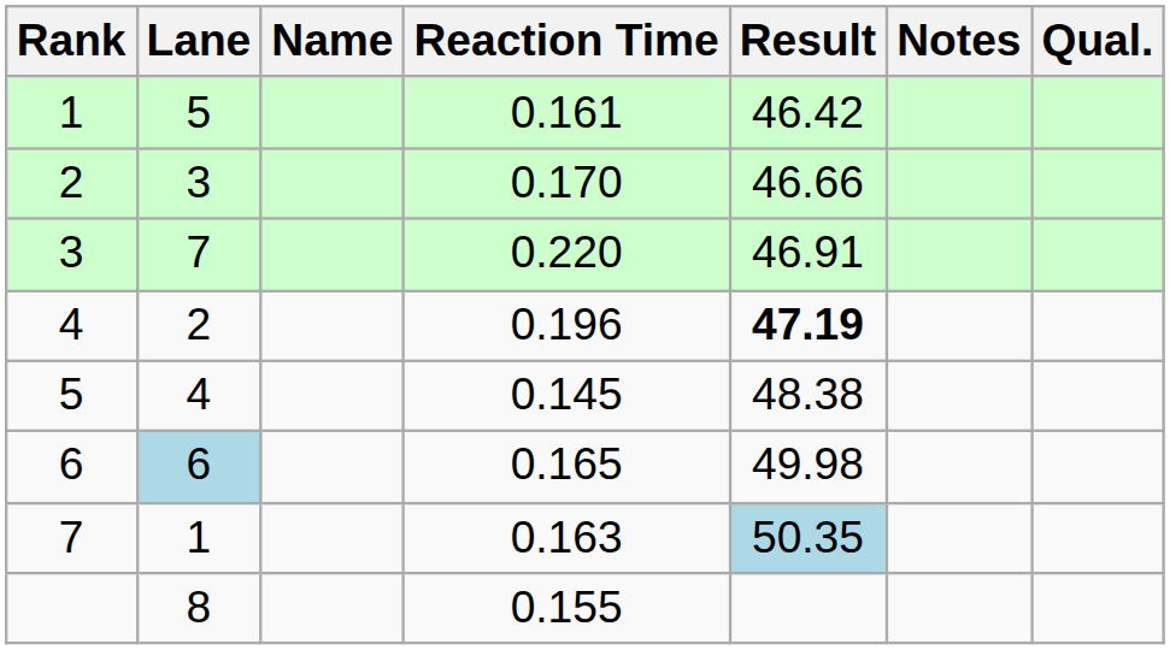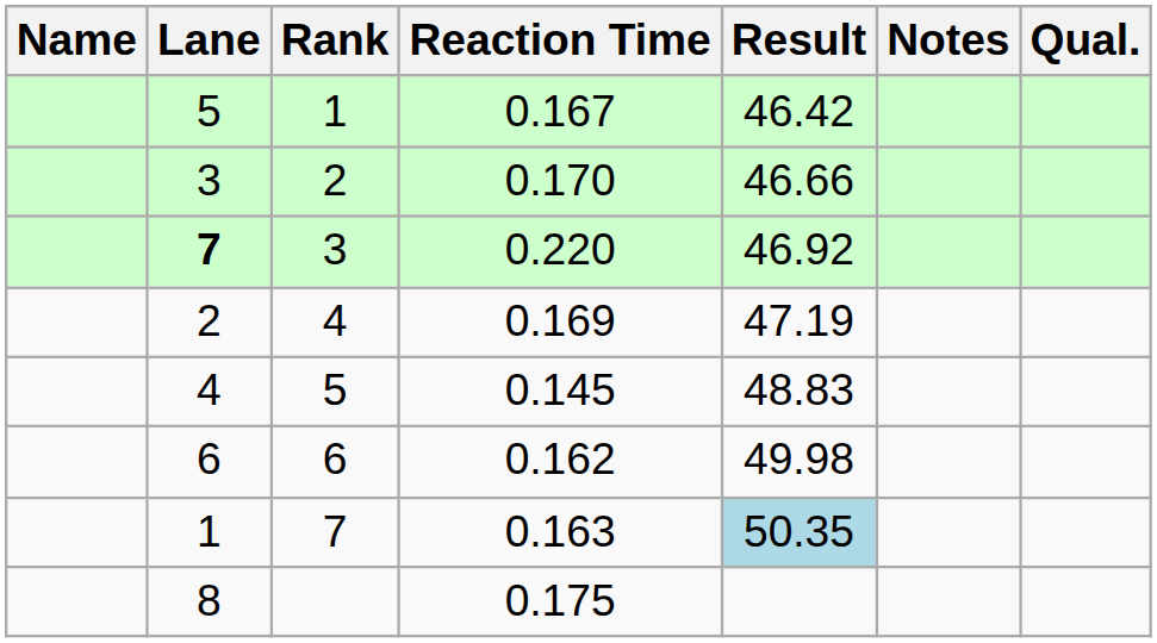 <table class="wikitable sortable" style="text-align:center">
 <tr>
+<th>Name</th>
+<th>Lane</th>
 <th>Rank</th>
-<th>Lane</th>
-<th>Name</th>
 <th>Reaction Time</th>
 <th>Result</th>
 <th>Notes</th>
 <th>Qual.</th>
 </tr>
 <tr bgcolor=ccffcc>
+<td align="left"></td>
+<td>5</td>
 <td>1</td>
-<td>5</td>
-<td align="left"></td>
-<td>0.161</td>
+<td>0.167</td>
 <td>46.42</td>
 <td></td>
 <td></td>
 </tr>
 <tr bgcolor=ccffcc>
+<td align="left"></td>
+<td>3</td>
 <td>2</td>
-<td>3</td>
-<td align="left"></td>
 <td>0.170</td>
 <td>46.66</td>
 <td></td>
 <td></td>
 </tr>
 <tr bgcolor=ccffcc>
+<td align="left"></td>
+<td><strong>7</strong></td>
 <td>3</td>
-<td>7</td>
-<td align="left"></td>
 <td>0.220</td>
-<td>46.91</td>
+<td>46.92</td>
 <td></td>
 <td></td>
 </tr>
 <tr>
+<td align="left"></td>
+<td>2</td>
 <td>4</td>
-<td>2</td>
-<td align="left"></td>
-<td>0.196</td>
-<td><strong>47.19</strong></td>
+<td>0.169</td>
+<td>47.19</td>
 <td></td>
 <td></td>
 </tr>
 <tr>
+<td align="left"></td>
+<td>4</td>
 <td>5</td>
-<td>4</td>
-<td align="left"></td>
 <td>0.145</td>
-<td>48.38</td>
+<td>48.83</td>
 <td></td>
 <td></td>
 </tr>
 <tr>
+<td align="left"></td>
 <td>6</td>
-<td style="background: lightblue;">6</td>
-<td align="left"></td>
-<td>0.165</td>
+<td>6</td>
+<td>0.162</td>
 <td>49.98</td>
 <td></td>
 <td></td>
 </tr>
 <tr>
+<td align="left"></td>
+<td>1</td>
 <td>7</td>
-<td>1</td>
-<td align="left"></td>
 <td>0.163</td>
 <td style="background: lightblue;">50.35</td>
 <td></td>
 <td></td>
 </tr>
 <tr>
+<td align="left"></td>
+<td>8</td>
 <td></td>
-<td>8</td>
-<td align="left"></td>
-<td>0.155</td>
+<td>0.175</td>
 <td></td>
 <td></td>
 <td></td>
 </tr>
 </table>
